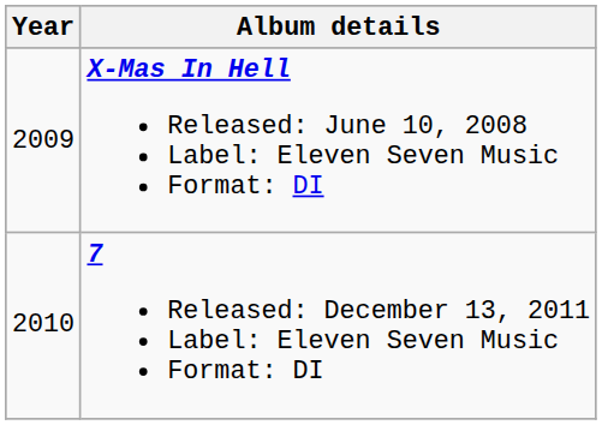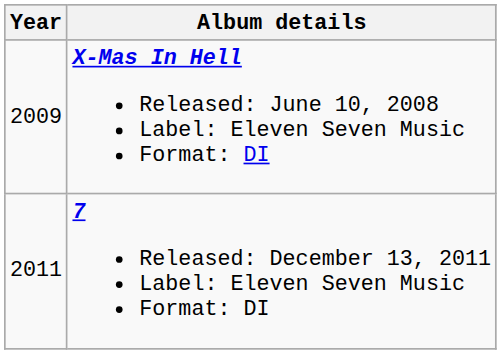 <table class="wikitable">
 <tr>
 <th>Year</th>
 <th>Album details</th>
 </tr>
 <tr>
 <td>2009</td>
 <td><strong><em><a href='#'>X-Mas In Hell</a></em></strong><br><ul><li>Released: June 10, 2008</li><li>Label: Eleven Seven Music</li><li>Format: <a href='#'>DI</a></li></ul></td>
 </tr>
 <tr>
-<td>2010</td>
+<td>2011</td>
 <td><strong><em><a href='#'>7</a></em></strong><br><ul><li>Released: December 13, 2011</li><li>Label: Eleven Seven Music</li><li>Format: DI</li></ul></td>
 </tr>
 </table>
